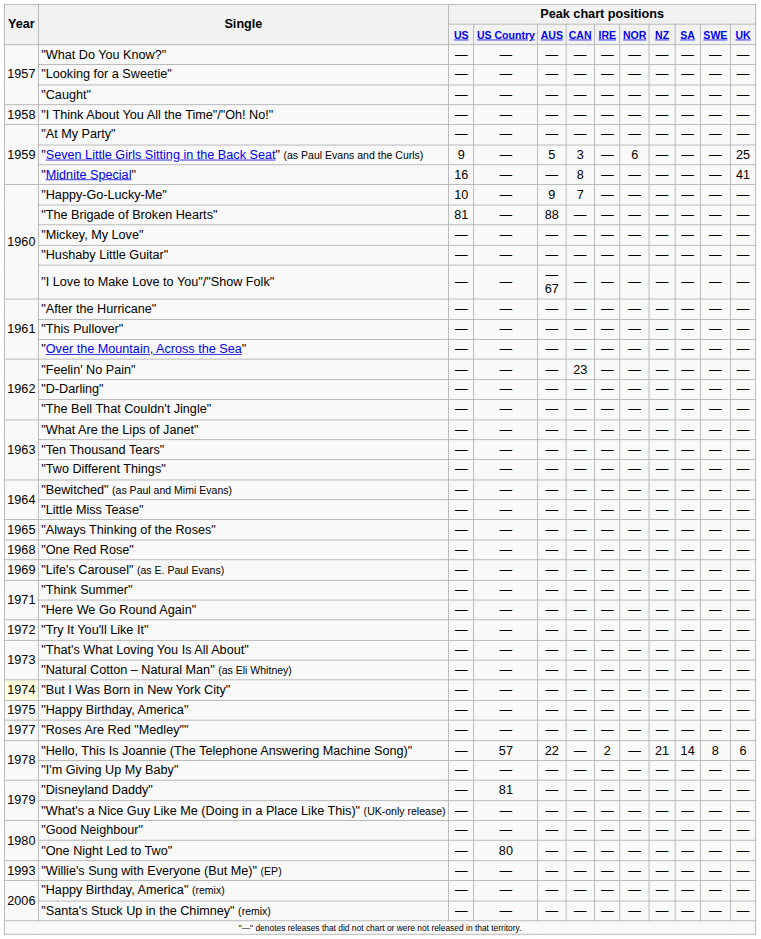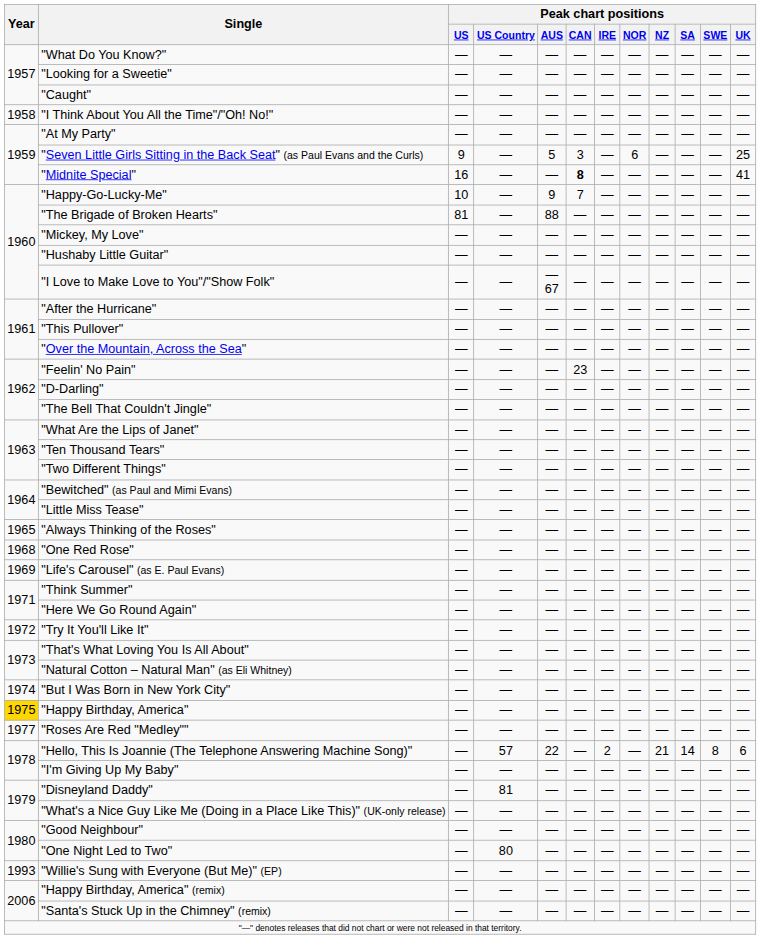 <table class="wikitable" style="text-align:center;">
 <tr>
 <th rowspan="2">Year</th>
 <th rowspan="2">Single</th>
 <th colspan="10">Peak chart positions</th>
 </tr>
 <tr>
 <th width="25"><small><a href='#'>US</a></small><br></th>
 <th><small><a href='#'>US Country</a></small><br></th>
 <th width="25"><small><a href='#'>AUS</a></small></th>
 <th width="25"><small><a href='#'>CAN</a></small><br></th>
 <th width="25"><small><a href='#'>IRE</a></small><br></th>
 <th width="25"><small><a href='#'>NOR</a></small><br></th>
 <th width="25"><small><a href='#'>NZ</a></small><br></th>
 <th width="25"><small><a href='#'>SA</a></small><br></th>
 <th width="25"><small><a href='#'>SWE</a></small><br></th>
 <th width="25"><small><a href='#'>UK</a></small><br></th>
 </tr>
 <tr>
 <td rowspan="3" style="text-align:center;">1957</td>
 <td align="left">"What Do You Know?"</td>
 <td style="text-align:center;">—</td>
 <td>—</td>
 <td style="text-align:center;">—</td>
 <td style="text-align:center;">—</td>
 <td style="text-align:center;">—</td>
 <td style="text-align:center;">—</td>
 <td style="text-align:center;">—</td>
 <td style="text-align:center;">—</td>
 <td style="text-align:center;">—</td>
 <td style="text-align:center;">—</td>
 </tr>
 <tr>
 <td align="left">"Looking for a Sweetie"</td>
 <td style="text-align:center;">—</td>
 <td>—</td>
 <td style="text-align:center;">—</td>
 <td style="text-align:center;">—</td>
 <td style="text-align:center;">—</td>
 <td style="text-align:center;">—</td>
 <td style="text-align:center;">—</td>
 <td style="text-align:center;">—</td>
 <td style="text-align:center;">—</td>
 <td style="text-align:center;">—</td>
 </tr>
 <tr>
 <td align="left">"Caught"</td>
 <td style="text-align:center;">—</td>
 <td>—</td>
 <td style="text-align:center;">—</td>
 <td style="text-align:center;">—</td>
 <td style="text-align:center;">—</td>
 <td style="text-align:center;">—</td>
 <td style="text-align:center;">—</td>
 <td style="text-align:center;">—</td>
 <td style="text-align:center;">—</td>
 <td style="text-align:center;">—</td>
 </tr>
 <tr>
 <td>1958</td>
 <td align="left">"I Think About You All the Time"/"Oh! No!"</td>
 <td style="text-align:center;">—</td>
 <td>—</td>
 <td style="text-align:center;">—</td>
 <td style="text-align:center;">—</td>
 <td style="text-align:center;">—</td>
 <td style="text-align:center;">—</td>
 <td style="text-align:center;">—</td>
 <td style="text-align:center;">—</td>
 <td>—</td>
 <td style="text-align:center;">—</td>
 </tr>
 <tr>
 <td rowspan="3">1959</td>
 <td align="left">"At My Party"</td>
 <td style="text-align:center;">—</td>
 <td>—</td>
 <td style="text-align:center;">—</td>
 <td style="text-align:center;">—</td>
 <td style="text-align:center;">—</td>
 <td style="text-align:center;">—</td>
 <td style="text-align:center;">—</td>
 <td style="text-align:center;">—</td>
 <td style="text-align:center;">—</td>
 <td style="text-align:center;">—</td>
 </tr>
 <tr>
 <td align="left">"<a href='#'>Seven Little Girls Sitting in the Back Seat</a>" <small>(as Paul Evans and the Curls)</small></td>
 <td style="text-align:center;">9</td>
 <td>—</td>
 <td style="text-align:center;">5</td>
 <td style="text-align:center;">3</td>
 <td style="text-align:center;">—</td>
 <td style="text-align:center;">6</td>
 <td style="text-align:center;">—</td>
 <td style="text-align:center;">—</td>
 <td style="text-align:center;">—</td>
 <td style="text-align:center;">25</td>
 </tr>
 <tr>
 <td align="left">"<a href='#'>Midnite Special</a>"</td>
 <td style="text-align:center;">16</td>
 <td>—</td>
 <td style="text-align:center;">—</td>
-<td style="text-align:center;">8</td>
+<td style="text-align:center;"><strong>8</strong></td>
 <td style="text-align:center;">—</td>
 <td style="text-align:center;">—</td>
 <td style="text-align:center;">—</td>
 <td style="text-align:center;">—</td>
 <td style="text-align:center;">—</td>
 <td style="text-align:center;">41</td>
 </tr>
 <tr>
 <td rowspan="5">1960</td>
 <td align="left">"Happy-Go-Lucky-Me"</td>
 <td style="text-align:center;">10</td>
 <td>—</td>
 <td style="text-align:center;">9</td>
 <td style="text-align:center;">7</td>
 <td style="text-align:center;">—</td>
 <td style="text-align:center;">—</td>
 <td style="text-align:center;">—</td>
 <td style="text-align:center;">—</td>
 <td style="text-align:center;">—</td>
 <td style="text-align:center;">—</td>
 </tr>
 <tr>
 <td align="left">"The Brigade of Broken Hearts"</td>
 <td style="text-align:center;">81</td>
 <td>—</td>
 <td style="text-align:center;">88</td>
 <td style="text-align:center;">—</td>
 <td style="text-align:center;">—</td>
 <td style="text-align:center;">—</td>
 <td style="text-align:center;">—</td>
 <td style="text-align:center;">—</td>
 <td>—</td>
 <td style="text-align:center;">—</td>
 </tr>
 <tr>
 <td align="left">"Mickey, My Love"</td>
 <td style="text-align:center;">—</td>
 <td>—</td>
 <td style="text-align:center;">—</td>
 <td style="text-align:center;">—</td>
 <td style="text-align:center;">—</td>
 <td style="text-align:center;">—</td>
 <td style="text-align:center;">—</td>
 <td style="text-align:center;">—</td>
 <td style="text-align:center;">—</td>
 <td style="text-align:center;">—</td>
 </tr>
 <tr>
 <td align="left">"Hushaby Little Guitar"</td>
 <td style="text-align:center;">—</td>
 <td>—</td>
 <td style="text-align:center;">—</td>
 <td style="text-align:center;">—</td>
 <td style="text-align:center;">—</td>
 <td style="text-align:center;">—</td>
 <td style="text-align:center;">—</td>
 <td style="text-align:center;">—</td>
 <td style="text-align:center;">—</td>
 <td style="text-align:center;">—</td>
 </tr>
 <tr>
 <td align="left">"I Love to Make Love to You"/"Show Folk"</td>
 <td style="text-align:center;">—</td>
 <td>—</td>
 <td style="text-align:center;">—<br>67</td>
 <td style="text-align:center;">—</td>
 <td style="text-align:center;">—</td>
 <td style="text-align:center;">—</td>
 <td style="text-align:center;">—</td>
 <td style="text-align:center;">—</td>
 <td style="text-align:center;">—</td>
 <td style="text-align:center;">—</td>
 </tr>
 <tr>
 <td rowspan="3">1961</td>
 <td align="left">"After the Hurricane"</td>
 <td style="text-align:center;">—</td>
 <td>—</td>
 <td style="text-align:center;">—</td>
 <td style="text-align:center;">—</td>
 <td style="text-align:center;">—</td>
 <td style="text-align:center;">—</td>
 <td style="text-align:center;">—</td>
 <td style="text-align:center;">—</td>
 <td style="text-align:center;">—</td>
 <td style="text-align:center;">—</td>
 </tr>
 <tr>
 <td align="left">"This Pullover"</td>
 <td style="text-align:center;">—</td>
 <td>—</td>
 <td style="text-align:center;">—</td>
 <td style="text-align:center;">—</td>
 <td style="text-align:center;">—</td>
 <td style="text-align:center;">—</td>
 <td style="text-align:center;">—</td>
 <td style="text-align:center;">—</td>
 <td style="text-align:center;">—</td>
 <td style="text-align:center;">—</td>
 </tr>
 <tr>
 <td align="left">"<a href='#'>Over the Mountain, Across the Sea</a>"</td>
 <td style="text-align:center;">—</td>
 <td>—</td>
 <td style="text-align:center;">—</td>
 <td style="text-align:center;">—</td>
 <td style="text-align:center;">—</td>
 <td style="text-align:center;">—</td>
 <td style="text-align:center;">—</td>
 <td style="text-align:center;">—</td>
 <td style="text-align:center;">—</td>
 <td style="text-align:center;">—</td>
 </tr>
 <tr>
 <td rowspan="3">1962</td>
 <td align="left">"Feelin' No Pain"</td>
 <td style="text-align:center;">—</td>
 <td>—</td>
 <td style="text-align:center;">—</td>
 <td style="text-align:center;">23</td>
 <td style="text-align:center;">—</td>
 <td style="text-align:center;">—</td>
 <td style="text-align:center;">—</td>
 <td style="text-align:center;">—</td>
 <td style="text-align:center;">—</td>
 <td style="text-align:center;">—</td>
 </tr>
 <tr>
 <td align="left">"D-Darling"</td>
 <td style="text-align:center;">—</td>
 <td>—</td>
 <td style="text-align:center;">—</td>
 <td style="text-align:center;">—</td>
 <td style="text-align:center;">—</td>
 <td style="text-align:center;">—</td>
 <td style="text-align:center;">—</td>
 <td style="text-align:center;">—</td>
 <td style="text-align:center;">—</td>
 <td style="text-align:center;">—</td>
 </tr>
 <tr>
 <td align="left">"The Bell That Couldn't Jingle"</td>
 <td style="text-align:center;">—</td>
 <td>—</td>
 <td style="text-align:center;">—</td>
 <td style="text-align:center;">—</td>
 <td style="text-align:center;">—</td>
 <td style="text-align:center;">—</td>
 <td style="text-align:center;">—</td>
 <td style="text-align:center;">—</td>
 <td style="text-align:center;">—</td>
 <td style="text-align:center;">—</td>
 </tr>
 <tr>
 <td rowspan="3">1963</td>
 <td align="left">"What Are the Lips of Janet"</td>
 <td style="text-align:center;">—</td>
 <td>—</td>
 <td style="text-align:center;">—</td>
 <td style="text-align:center;">—</td>
 <td style="text-align:center;">—</td>
 <td style="text-align:center;">—</td>
 <td style="text-align:center;">—</td>
 <td style="text-align:center;">—</td>
 <td style="text-align:center;">—</td>
 <td style="text-align:center;">—</td>
 </tr>
 <tr>
 <td align="left">"Ten Thousand Tears"</td>
 <td style="text-align:center;">—</td>
 <td>—</td>
 <td style="text-align:center;">—</td>
 <td style="text-align:center;">—</td>
 <td style="text-align:center;">—</td>
 <td style="text-align:center;">—</td>
 <td style="text-align:center;">—</td>
 <td style="text-align:center;">—</td>
 <td style="text-align:center;">—</td>
 <td style="text-align:center;">—</td>
 </tr>
 <tr>
 <td align="left">"Two Different Things"</td>
 <td style="text-align:center;">—</td>
 <td>—</td>
 <td style="text-align:center;">—</td>
 <td style="text-align:center;">—</td>
 <td style="text-align:center;">—</td>
 <td style="text-align:center;">—</td>
 <td style="text-align:center;">—</td>
 <td style="text-align:center;">—</td>
 <td style="text-align:center;">—</td>
 <td style="text-align:center;">—</td>
 </tr>
 <tr>
 <td rowspan="2">1964</td>
 <td align="left">"Bewitched" <small>(as Paul and Mimi Evans)</small></td>
 <td style="text-align:center;">—</td>
 <td>—</td>
 <td style="text-align:center;">—</td>
 <td style="text-align:center;">—</td>
 <td style="text-align:center;">—</td>
 <td style="text-align:center;">—</td>
 <td style="text-align:center;">—</td>
 <td style="text-align:center;">—</td>
 <td style="text-align:center;">—</td>
 <td style="text-align:center;">—</td>
 </tr>
 <tr>
 <td align="left">"Little Miss Tease"</td>
 <td style="text-align:center;">—</td>
 <td>—</td>
 <td style="text-align:center;">—</td>
 <td style="text-align:center;">—</td>
 <td style="text-align:center;">—</td>
 <td style="text-align:center;">—</td>
 <td style="text-align:center;">—</td>
 <td style="text-align:center;">—</td>
 <td style="text-align:center;">—</td>
 <td style="text-align:center;">—</td>
 </tr>
 <tr>
 <td>1965</td>
 <td align="left">"Always Thinking of the Roses"</td>
 <td style="text-align:center;">—</td>
 <td>—</td>
 <td style="text-align:center;">—</td>
 <td style="text-align:center;">—</td>
 <td style="text-align:center;">—</td>
 <td style="text-align:center;">—</td>
 <td style="text-align:center;">—</td>
 <td style="text-align:center;">—</td>
 <td style="text-align:center;">—</td>
 <td style="text-align:center;">—</td>
 </tr>
 <tr>
 <td>1968</td>
 <td align="left">"One Red Rose"</td>
 <td style="text-align:center;">—</td>
 <td>—</td>
 <td style="text-align:center;">—</td>
 <td style="text-align:center;">—</td>
 <td style="text-align:center;">—</td>
 <td style="text-align:center;">—</td>
 <td style="text-align:center;">—</td>
 <td style="text-align:center;">—</td>
 <td style="text-align:center;">—</td>
 <td style="text-align:center;">—</td>
 </tr>
 <tr>
 <td>1969</td>
 <td align="left">"Life's Carousel" <small>(as E. Paul Evans)</small></td>
 <td>—</td>
 <td>—</td>
 <td>—</td>
 <td>—</td>
 <td>—</td>
 <td>—</td>
 <td>—</td>
 <td>—</td>
 <td>—</td>
 <td>—</td>
 </tr>
 <tr>
 <td rowspan="2">1971</td>
 <td align="left">"Think Summer"</td>
 <td style="text-align:center;">—</td>
 <td>—</td>
 <td style="text-align:center;">—</td>
 <td style="text-align:center;">—</td>
 <td style="text-align:center;">—</td>
 <td style="text-align:center;">—</td>
 <td style="text-align:center;">—</td>
 <td style="text-align:center;">—</td>
 <td style="text-align:center;">—</td>
 <td style="text-align:center;">—</td>
 </tr>
 <tr>
 <td align="left">"Here We Go Round Again"</td>
 <td style="text-align:center;">—</td>
 <td>—</td>
 <td style="text-align:center;">—</td>
 <td style="text-align:center;">—</td>
 <td style="text-align:center;">—</td>
 <td style="text-align:center;">—</td>
 <td style="text-align:center;">—</td>
 <td style="text-align:center;">—</td>
 <td style="text-align:center;">—</td>
 <td style="text-align:center;">—</td>
 </tr>
 <tr>
 <td>1972</td>
 <td align="left">"Try It You'll Like It"</td>
 <td style="text-align:center;">—</td>
 <td>—</td>
 <td style="text-align:center;">—</td>
 <td style="text-align:center;">—</td>
 <td style="text-align:center;">—</td>
 <td style="text-align:center;">—</td>
 <td style="text-align:center;">—</td>
 <td style="text-align:center;">—</td>
 <td style="text-align:center;">—</td>
 <td style="text-align:center;">—</td>
 </tr>
 <tr>
 <td rowspan="2">1973</td>
 <td align="left">"That's What Loving You Is All About"</td>
 <td style="text-align:center;">—</td>
 <td>—</td>
 <td style="text-align:center;">—</td>
 <td style="text-align:center;">—</td>
 <td style="text-align:center;">—</td>
 <td style="text-align:center;">—</td>
 <td style="text-align:center;">—</td>
 <td style="text-align:center;">—</td>
 <td style="text-align:center;">—</td>
 <td style="text-align:center;">—</td>
 </tr>
 <tr>
 <td align="left">"Natural Cotton – Natural Man" <small>(as Eli Whitney)</small></td>
 <td>—</td>
 <td>—</td>
 <td>—</td>
 <td>—</td>
 <td>—</td>
 <td>—</td>
 <td>—</td>
 <td>—</td>
 <td>—</td>
 <td>—</td>
 </tr>
 <tr>
-<td style="background: lightyellow;">1974</td>
+<td>1974</td>
 <td align="left">"But I Was Born in New York City"</td>
 <td style="text-align:center;">—</td>
 <td>—</td>
 <td style="text-align:center;">—</td>
 <td style="text-align:center;">—</td>
 <td style="text-align:center;">—</td>
 <td style="text-align:center;">—</td>
 <td style="text-align:center;">—</td>
 <td style="text-align:center;">—</td>
 <td style="text-align:center;">—</td>
 <td style="text-align:center;">—</td>
 </tr>
 <tr>
-<td>1975</td>
+<td style="background: gold;">1975</td>
 <td align="left">"Happy Birthday, America"</td>
 <td>—</td>
 <td>—</td>
 <td>—</td>
 <td>—</td>
 <td>—</td>
 <td>—</td>
 <td>—</td>
 <td>—</td>
 <td>—</td>
 <td>—</td>
 </tr>
 <tr>
 <td>1977</td>
 <td align="left">"Roses Are Red "Medley""</td>
 <td>—</td>
 <td>—</td>
 <td>—</td>
 <td>—</td>
 <td>—</td>
 <td>—</td>
 <td>—</td>
 <td>—</td>
 <td>—</td>
 <td>—</td>
 </tr>
 <tr>
 <td rowspan="2">1978</td>
 <td align="left">"Hello, This Is Joannie (The Telephone Answering Machine Song)"</td>
 <td>—</td>
 <td>57</td>
 <td>22</td>
 <td>—</td>
 <td>2</td>
 <td>—</td>
 <td>21</td>
 <td>14</td>
 <td>8</td>
 <td>6</td>
 </tr>
 <tr>
 <td align="left">"I'm Giving Up My Baby"</td>
 <td>—</td>
 <td>—</td>
 <td>—</td>
 <td>—</td>
 <td>—</td>
 <td>—</td>
 <td>—</td>
 <td>—</td>
 <td>—</td>
 <td>—</td>
 </tr>
 <tr>
 <td rowspan="2">1979</td>
 <td align="left">"Disneyland Daddy"</td>
 <td>—</td>
 <td>81</td>
 <td>—</td>
 <td>—</td>
 <td>—</td>
 <td>—</td>
 <td>—</td>
 <td>—</td>
 <td>—</td>
 <td>—</td>
 </tr>
 <tr>
 <td align="left">"What's a Nice Guy Like Me (Doing in a Place Like This)" <small>(UK-only release)</small></td>
 <td>—</td>
 <td>—</td>
 <td>—</td>
 <td>—</td>
 <td>—</td>
 <td>—</td>
 <td>—</td>
 <td>—</td>
 <td>—</td>
 <td>—</td>
 </tr>
 <tr>
 <td rowspan="2">1980</td>
 <td align="left">"Good Neighbour"</td>
 <td>—</td>
 <td>—</td>
 <td>—</td>
 <td>—</td>
 <td>—</td>
 <td>—</td>
 <td>—</td>
 <td>—</td>
 <td>—</td>
 <td>—</td>
 </tr>
 <tr>
 <td align="left">"One Night Led to Two"</td>
 <td>—</td>
 <td>80</td>
 <td>—</td>
 <td>—</td>
 <td>—</td>
 <td>—</td>
 <td>—</td>
 <td>—</td>
 <td>—</td>
 <td>—</td>
 </tr>
 <tr>
 <td>1993</td>
 <td align="left">"Willie's Sung with Everyone (But Me)" <small>(EP)</small></td>
 <td>—</td>
 <td>—</td>
 <td>—</td>
 <td>—</td>
 <td>—</td>
 <td>—</td>
 <td>—</td>
 <td>—</td>
 <td>—</td>
 <td>—</td>
 </tr>
 <tr>
 <td rowspan="2">2006</td>
 <td align="left">"Happy Birthday, America" <small>(remix)</small></td>
 <td>—</td>
 <td>—</td>
 <td>—</td>
 <td>—</td>
 <td>—</td>
 <td>—</td>
 <td>—</td>
 <td>—</td>
 <td>—</td>
 <td>—</td>
 </tr>
 <tr>
 <td align="left">"Santa's Stuck Up in the Chimney" <small>(remix)</small></td>
 <td>—</td>
 <td>—</td>
 <td>—</td>
 <td>—</td>
 <td>—</td>
 <td>—</td>
 <td>—</td>
 <td>—</td>
 <td>—</td>
 <td>—</td>
 </tr>
 <tr>
 <td colspan="12" style="font-size:8pt">"—" denotes releases that did not chart or were not released in that territory.</td>
 </tr>
 </table>
